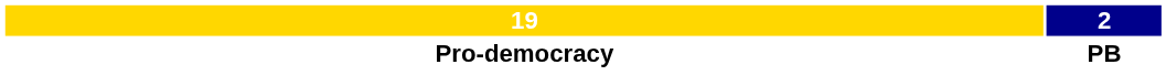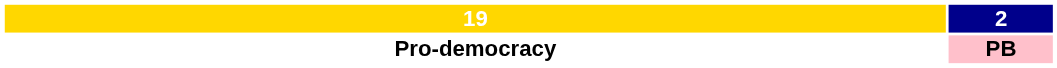 <table style="width:60%; text-align:center;">
 <tr style="color:white;">
 <td style="background:gold; width:90%;"><strong>19</strong></td>
 <td style="background:darkblue; width:10%;"><strong>2</strong></td>
 </tr>
 <tr>
 <td><span><strong>Pro-democracy</strong></span></td>
-<td><span><strong>PB</strong></span></td>
+<td style="background: pink;"><span><strong>PB</strong></span></td>
 </tr>
 </table>
